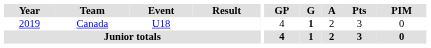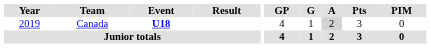 <table border="0" cellpadding="1" cellspacing="0" ID="Table3" style="text-align:center; width:40em">
 <tr ALIGN="center" bgcolor="#e0e0e0">
 <th>Year</th>
 <th>Team</th>
 <th>Event</th>
 <th>Result</th>
 <th rowspan="99" bgcolor="#ffffff"></th>
 <th>GP</th>
 <th>G</th>
 <th>A</th>
 <th>Pts</th>
 <th>PIM</th>
 </tr>
 <tr>
 <td><a href='#'>2019</a></td>
 <td><a href='#'>Canada</a></td>
-<td><a href='#'>U18</a></td>
+<td><strong><a href='#'>U18</a></strong></td>
 <td></td>
 <td>4</td>
-<td><strong>1</strong></td>
-<td>2</td>
+<td>1</td>
+<td style="background: lightgrey;">2</td>
 <td>3</td>
 <td>0</td>
 </tr>
 <tr bgcolor="#e0e0e0">
 <th colspan="4">Junior totals</th>
 <th>4</th>
 <th>1</th>
 <th>2</th>
 <th>3</th>
 <th>0</th>
 </tr>
 </table>
